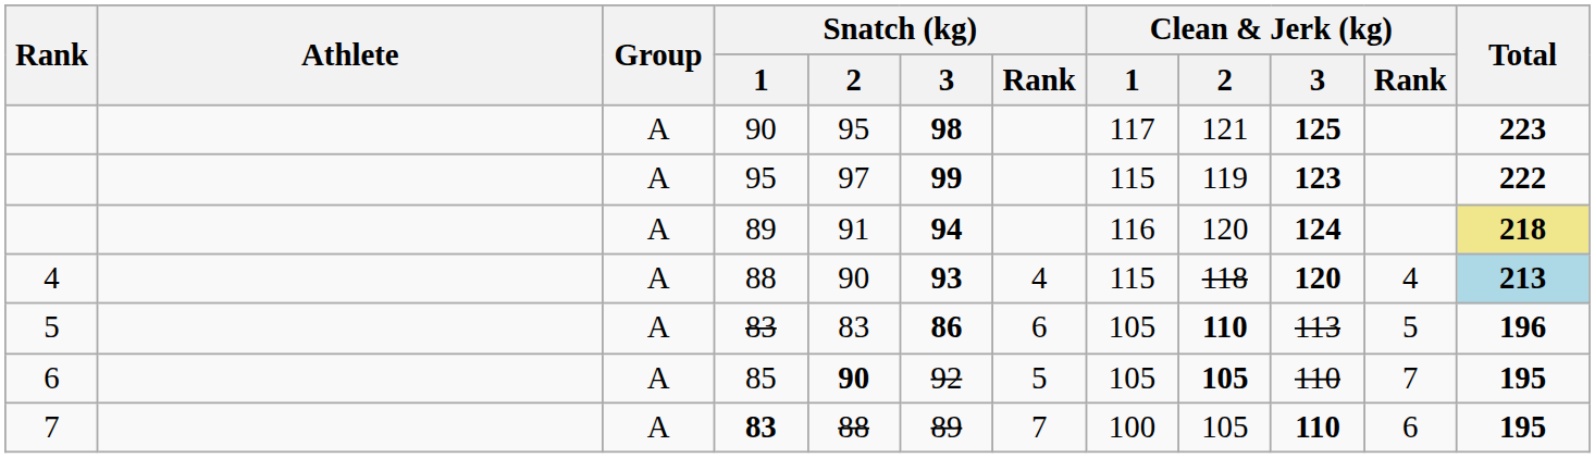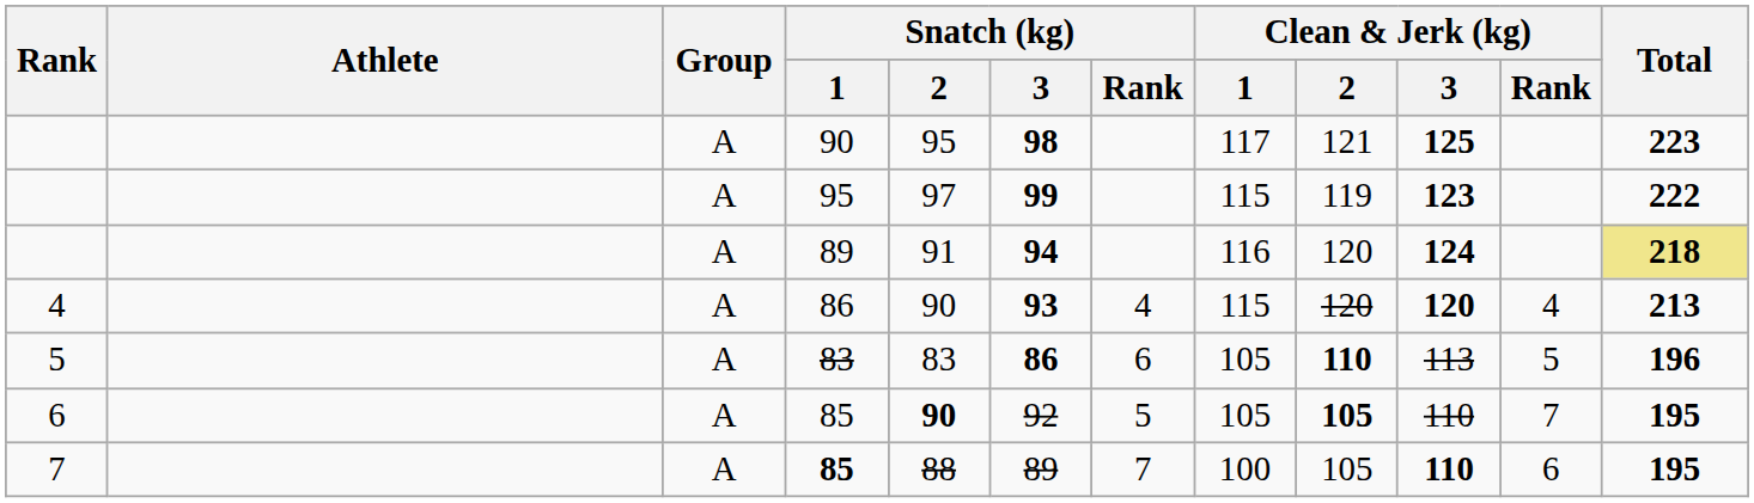 <table class = "wikitable" style="text-align:center;">
 <tr>
 <th rowspan=2 width=40>Rank</th>
 <th rowspan=2 width=250>Athlete</th>
 <th rowspan=2 width=50>Group</th>
 <th colspan=4>Snatch (kg)</th>
 <th colspan=4>Clean & Jerk (kg)</th>
 <th rowspan=2 width=60>Total</th>
 </tr>
 <tr>
 <th width=40>1</th>
 <th width=40>2</th>
 <th width=40>3</th>
 <th width=40>Rank</th>
 <th width=40>1</th>
 <th width=40>2</th>
 <th width=40>3</th>
 <th width=40>Rank</th>
 </tr>
 <tr>
 <td></td>
 <td align=left></td>
 <td>A</td>
 <td>90</td>
 <td>95</td>
 <td><strong>98</strong></td>
 <td></td>
 <td>117</td>
 <td>121</td>
 <td><strong>125</strong></td>
 <td></td>
 <td><strong>223</strong></td>
 </tr>
 <tr>
 <td></td>
 <td align=left></td>
 <td>A</td>
 <td>95</td>
 <td>97</td>
 <td><strong>99</strong></td>
 <td></td>
 <td>115</td>
 <td>119</td>
 <td><strong>123</strong></td>
 <td></td>
 <td><strong>222</strong></td>
 </tr>
 <tr>
 <td></td>
 <td align=left></td>
 <td>A</td>
 <td>89</td>
 <td>91</td>
 <td><strong>94</strong></td>
 <td></td>
 <td>116</td>
 <td>120</td>
 <td><strong>124</strong></td>
 <td></td>
 <td style="background: khaki;"><strong>218</strong></td>
 </tr>
 <tr>
 <td>4</td>
 <td align=left></td>
 <td>A</td>
-<td>88</td>
+<td>86</td>
 <td>90</td>
 <td><strong>93</strong></td>
 <td>4</td>
 <td>115</td>
-<td><s>118</s></td>
+<td><s>120</s></td>
 <td><strong>120</strong></td>
 <td>4</td>
-<td style="background: lightblue;"><strong>213</strong></td>
+<td><strong>213</strong></td>
 </tr>
 <tr>
 <td>5</td>
 <td align=left></td>
 <td>A</td>
 <td><s>83</s></td>
 <td>83</td>
 <td><strong>86</strong></td>
 <td>6</td>
 <td>105</td>
 <td><strong>110</strong></td>
 <td><s>113</s></td>
 <td>5</td>
 <td><strong>196</strong></td>
 </tr>
 <tr>
 <td>6</td>
 <td align=left></td>
 <td>A</td>
 <td>85</td>
 <td><strong>90</strong></td>
 <td><s>92</s></td>
 <td>5</td>
 <td>105</td>
 <td><strong>105</strong></td>
 <td><s>110</s></td>
 <td>7</td>
 <td><strong>195</strong></td>
 </tr>
 <tr>
 <td>7</td>
 <td align=left></td>
 <td>A</td>
-<td><strong>83</strong></td>
+<td><strong>85</strong></td>
 <td><s>88</s></td>
 <td><s>89</s></td>
 <td>7</td>
 <td>100</td>
 <td>105</td>
 <td><strong>110</strong></td>
 <td>6</td>
 <td><strong>195</strong></td>
 </tr>
 </table>
